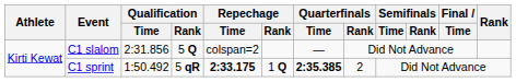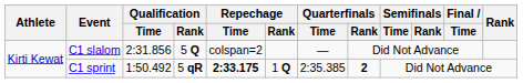 <table class="wikitable" style="font-size:90%;">
 <tr>
 <th rowspan=2>Athlete</th>
 <th rowspan=2>Event</th>
 <th colspan=2>Qualification</th>
 <th colspan=2>Repechage</th>
 <th colspan=2>Quarterfinals</th>
 <th colspan=2>Semifinals</th>
 <th>Final / </th>
 <th rowspan=2>Rank</th>
 </tr>
 <tr style="font-size:95%">
 <th>Time</th>
 <th>Rank</th>
 <th>Time</th>
 <th>Rank</th>
 <th>Time</th>
 <th>Rank</th>
 <th>Time</th>
 <th>Rank</th>
 <th>Time</th>
 </tr>
 <tr align=center>
 <td rowspan=2 align=left><a href='#'>Kirti Kewat</a></td>
 <td align=left><a href='#'>C1 slalom</a></td>
 <td>2:31.856</td>
 <td>5 <strong>Q</strong></td>
 <td>colspan=2 </td>
 <td></td>
 <td>—</td>
 <td colspan=4>Did Not Advance</td>
 </tr>
 <tr align=center>
 <td align=left><a href='#'>C1 sprint</a></td>
 <td>1:50.492</td>
 <td>5 <strong>qR</strong></td>
 <td><strong>2:33.175</strong></td>
 <td>1 <strong>Q</strong></td>
-<td><strong>2:35.385</strong></td>
-<td>2</td>
+<td>2:35.385</td>
+<td><strong>2</strong></td>
 <td colspan=4>Did Not Advance</td>
 </tr>
 </table>
